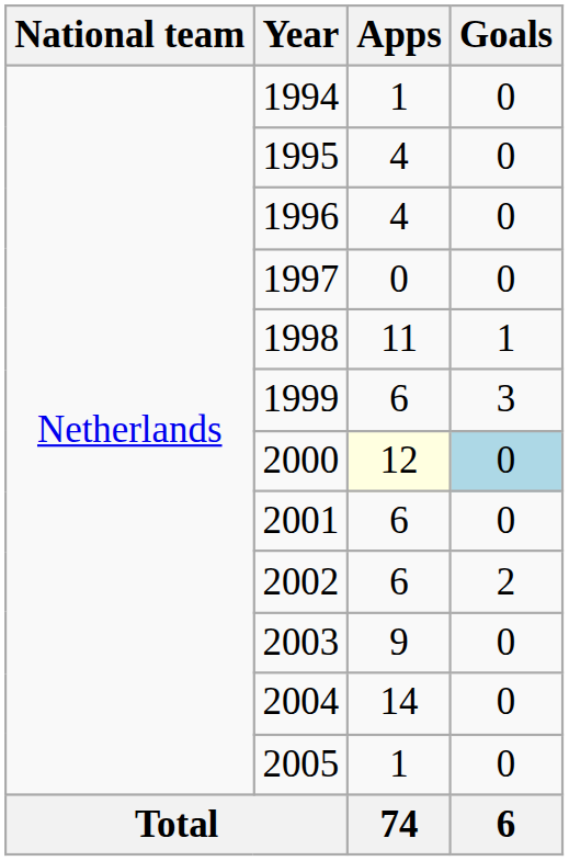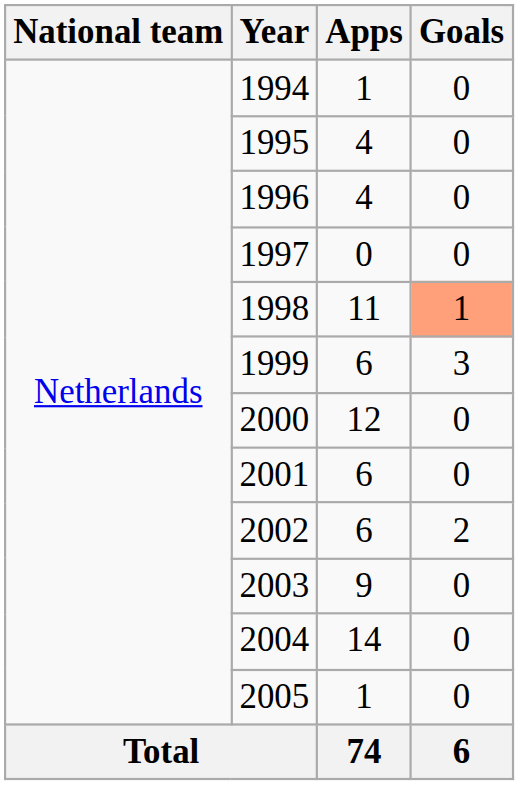 <table class="wikitable" style="text-align:center">
 <tr>
 <th>National team</th>
 <th>Year</th>
 <th>Apps</th>
 <th>Goals</th>
 </tr>
 <tr>
 <td rowspan="12"><a href='#'>Netherlands</a></td>
 <td>1994</td>
 <td>1</td>
 <td>0</td>
 </tr>
 <tr>
 <td>1995</td>
 <td>4</td>
 <td>0</td>
 </tr>
 <tr>
 <td>1996</td>
 <td>4</td>
 <td>0</td>
 </tr>
 <tr>
 <td>1997</td>
 <td>0</td>
 <td>0</td>
 </tr>
 <tr>
 <td>1998</td>
 <td>11</td>
-<td>1</td>
+<td style="background: lightsalmon;">1</td>
 </tr>
 <tr>
 <td>1999</td>
 <td>6</td>
 <td>3</td>
 </tr>
 <tr>
 <td>2000</td>
-<td style="background: lightyellow;">12</td>
-<td style="background: lightblue;">0</td>
+<td>12</td>
+<td>0</td>
 </tr>
 <tr>
 <td>2001</td>
 <td>6</td>
 <td>0</td>
 </tr>
 <tr>
 <td>2002</td>
 <td>6</td>
 <td>2</td>
 </tr>
 <tr>
 <td>2003</td>
 <td>9</td>
 <td>0</td>
 </tr>
 <tr>
 <td>2004</td>
 <td>14</td>
 <td>0</td>
 </tr>
 <tr>
 <td>2005</td>
 <td>1</td>
 <td>0</td>
 </tr>
 <tr>
 <th colspan="2">Total</th>
 <th>74</th>
 <th>6</th>
 </tr>
 </table>
